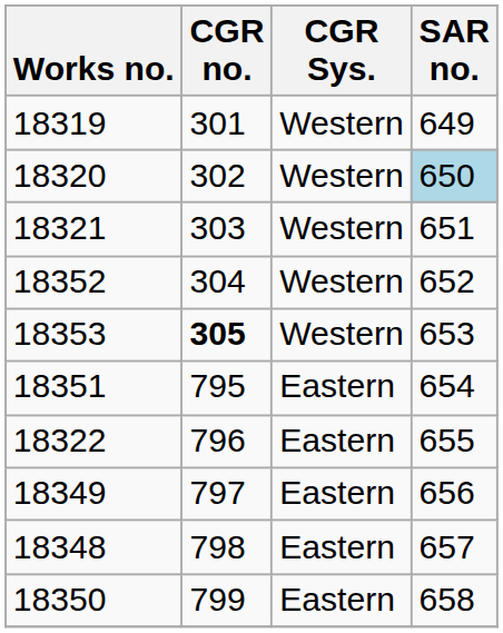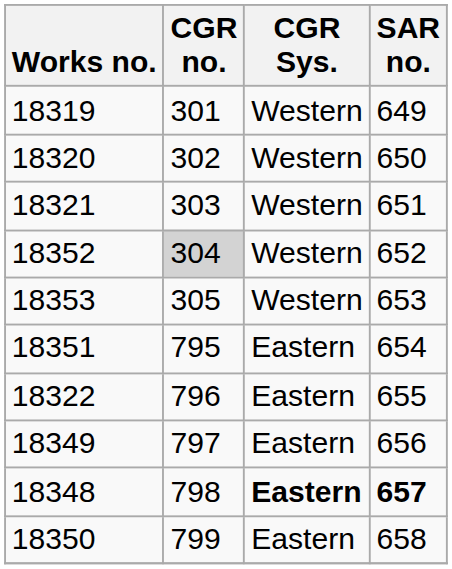 <table class="wikitable collapsible collapsed sortable" style="margin:0.5em auto; font-size:100%;">
 <tr>
 <th><br>Works no.</th>
 <th>CGR<br>no.</th>
 <th>CGR<br>Sys.</th>
 <th>SAR<br>no.</th>
 </tr>
 <tr>
 <td>18319</td>
 <td>301</td>
 <td>Western</td>
 <td>649</td>
 </tr>
 <tr>
 <td>18320</td>
 <td>302</td>
 <td>Western</td>
-<td style="background: lightblue;">650</td>
+<td>650</td>
 </tr>
 <tr>
 <td>18321</td>
 <td>303</td>
 <td>Western</td>
 <td>651</td>
 </tr>
 <tr>
 <td>18352</td>
-<td>304</td>
+<td style="background: lightgrey;">304</td>
 <td>Western</td>
 <td>652</td>
 </tr>
 <tr>
 <td>18353</td>
-<td><strong>305</strong></td>
+<td>305</td>
 <td>Western</td>
 <td>653</td>
 </tr>
 <tr>
 <td>18351</td>
 <td>795</td>
 <td>Eastern</td>
 <td>654</td>
 </tr>
 <tr>
 <td>18322</td>
 <td>796</td>
 <td>Eastern</td>
 <td>655</td>
 </tr>
 <tr>
 <td>18349</td>
 <td>797</td>
 <td>Eastern</td>
 <td>656</td>
 </tr>
 <tr>
 <td>18348</td>
 <td>798</td>
-<td>Eastern</td>
-<td>657</td>
+<td><strong>Eastern</strong></td>
+<td><strong>657</strong></td>
 </tr>
 <tr>
 <td>18350</td>
 <td>799</td>
 <td>Eastern</td>
 <td>658</td>
 </tr>
 <tr>
 </tr>
 </table>
